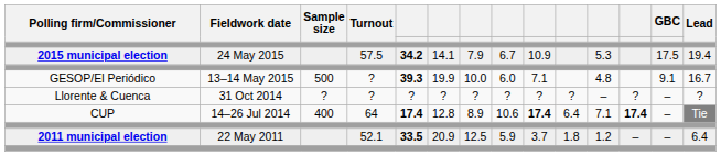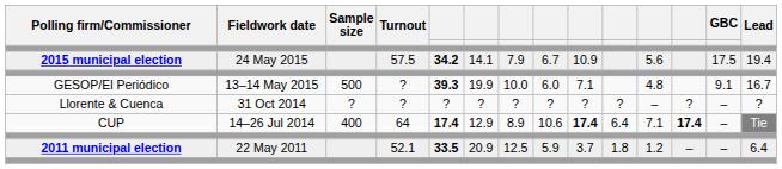 <table class="wikitable collapsible collapsed" style="text-align:center; font-size:95%; line-height:16px;">
 <tr style="height:42px;">
 <th style="width:250px;" rowspan="2">Polling firm/Commissioner</th>
 <th style="width:125px;" rowspan="2">Fieldwork date</th>
 <th style="width:50px;" rowspan="2">Sample size</th>
 <th style="width:45px;" rowspan="2">Turnout</th>
 <th style="width:35px;"></th>
 <th style="width:35px;"></th>
 <th style="width:35px;"></th>
 <th style="width:35px;"></th>
 <th style="width:35px;"></th>
 <th style="width:35px;"></th>
 <th style="width:35px;"></th>
 <th style="width:35px;"></th>
 <th style="width:35px;">GBC</th>
 <th style="width:30px;" rowspan="2">Lead</th>
 </tr>
 <tr>
 <th style="color:inherit;background:"></th>
 <th style="color:inherit;background:"></th>
 <th style="color:inherit;background:"></th>
 <th style="color:inherit;background:"></th>
 <th style="color:inherit;background:"></th>
 <th style="color:inherit;background:"></th>
 <th style="color:inherit;background:"></th>
 <th style="color:inherit;background:"></th>
 <th style="color:inherit;background:"></th>
 </tr>
 <tr>
 <td colspan="14" style="background:#A0A0A0"></td>
 </tr>
 <tr style="background:#EFEFEF;">
 <td><strong><a href='#'>2015 municipal election</a></strong></td>
 <td>24 May 2015</td>
 <td></td>
 <td>57.5</td>
 <td><strong>34.2</strong><br></td>
 <td>14.1<br></td>
 <td>7.9<br></td>
 <td>6.7<br></td>
 <td>10.9<br></td>
 <td></td>
-<td>5.3<br></td>
+<td>5.6<br></td>
 <td></td>
 <td>17.5<br></td>
 <td style="background:">19.4</td>
 </tr>
 <tr>
 <td colspan="14" style="background:#A0A0A0"></td>
 </tr>
 <tr>
 <td>GESOP/El Periódico</td>
 <td>13–14 May 2015</td>
 <td>500</td>
 <td>?</td>
 <td><strong>39.3</strong><br></td>
 <td>19.9<br></td>
 <td>10.0<br></td>
 <td>6.0<br></td>
 <td>7.1<br></td>
 <td></td>
 <td>4.8<br></td>
 <td></td>
 <td>9.1<br></td>
 <td style="background:">16.7</td>
 </tr>
 <tr>
 <td>Llorente & Cuenca</td>
 <td>31 Oct 2014</td>
 <td>?</td>
 <td>?</td>
 <td>?<br></td>
 <td>?<br></td>
 <td>?<br></td>
 <td>?<br></td>
 <td>?<br></td>
 <td>?<br></td>
 <td>–</td>
 <td>?<br></td>
 <td>–</td>
 <td style="background:">?</td>
 </tr>
 <tr>
 <td>CUP</td>
 <td>14–26 Jul 2014</td>
 <td>400</td>
 <td>64</td>
 <td><strong>17.4</strong><br></td>
-<td>12.8<br></td>
+<td>12.9<br></td>
 <td>8.9<br></td>
 <td>10.6<br></td>
 <td><strong>17.4</strong><br></td>
 <td>6.4<br></td>
 <td>7.1<br></td>
 <td><strong>17.4</strong><br></td>
 <td>–</td>
 <td style="background:gray; color:white;">Tie</td>
 </tr>
 <tr>
 <td colspan="14" style="background:#A0A0A0"></td>
 </tr>
 <tr style="background:#EFEFEF;">
 <td><strong><a href='#'>2011 municipal election</a></strong></td>
 <td>22 May 2011</td>
 <td></td>
 <td>52.1</td>
 <td><strong>33.5</strong><br></td>
 <td>20.9<br></td>
 <td>12.5<br></td>
 <td>5.9<br></td>
 <td>3.7<br></td>
 <td>1.8<br></td>
 <td>1.2<br></td>
 <td>–</td>
 <td>–</td>
 <td style="background:">6.4</td>
 </tr>
 <tr>
 <td colspan="14" style="background:#A0A0A0"></td>
 </tr>
 </table>
